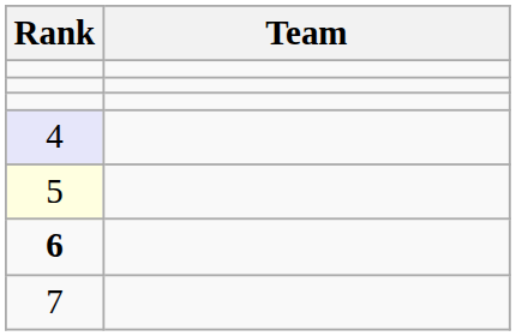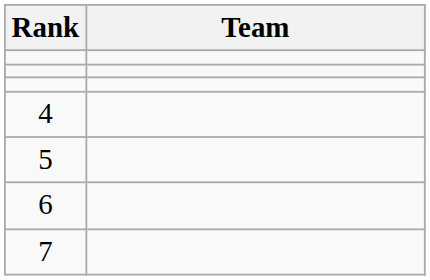 <table class=wikitable style="text-align:center;">
 <tr>
 <th>Rank</th>
 <th width=180>Team</th>
 </tr>
 <tr>
 <td></td>
 <td align=left></td>
 </tr>
 <tr>
 <td></td>
 <td align=left></td>
 </tr>
 <tr>
 <td></td>
 <td align=left></td>
 </tr>
 <tr>
-<td style="background: lavender;">4</td>
+<td>4</td>
 <td align=left></td>
 </tr>
 <tr>
-<td style="background: lightyellow;">5</td>
+<td>5</td>
 <td align=left></td>
 </tr>
 <tr>
-<td><strong>6</strong></td>
+<td>6</td>
 <td align=left></td>
 </tr>
 <tr>
 <td>7</td>
 <td align=left></td>
 </tr>
 </table>
